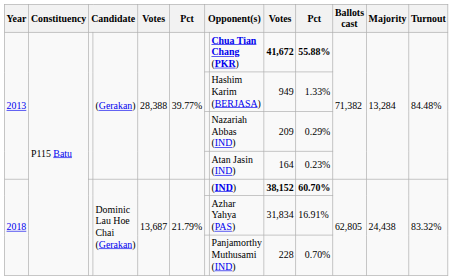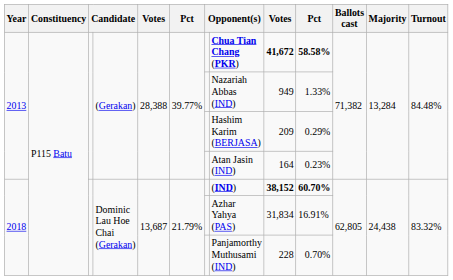 <table class="wikitable" style="margin:0.5em ; font-size:95%">
 <tr>
 <th>Year</th>
 <th>Constituency</th>
 <th colspan="2">Candidate</th>
 <th>Votes</th>
 <th>Pct</th>
 <th colspan="2">Opponent(s)</th>
 <th>Votes</th>
 <th>Pct</th>
 <th>Ballots cast</th>
 <th>Majority</th>
 <th>Turnout</th>
 </tr>
 <tr>
 <td rowspan="4"><a href='#'>2013</a></td>
 <td rowspan=7>P115 <a href='#'>Batu</a></td>
 <td rowspan="4" ></td>
 <td rowspan="4"> (<a href='#'>Gerakan</a>)</td>
 <td rowspan="4" align=right>28,388</td>
 <td rowspan="4">39.77%</td>
 <td></td>
 <td><strong><a href='#'>Chua Tian Chang</a></strong> (<a href='#'><strong>PKR</strong></a>)</td>
 <td align=right><strong>41,672</strong></td>
-<td><strong>55.88%</strong></td>
+<td><strong>58.58%</strong></td>
 <td rowspan="4">71,382</td>
 <td rowspan="4">13,284</td>
 <td rowspan="4">84.48%</td>
 </tr>
 <tr>
 <td></td>
-<td>Hashim Karim (<a href='#'>BERJASA</a>)</td>
+<td>Nazariah Abbas (<a href='#'>IND</a>)</td>
 <td align=right>949</td>
 <td align=right>1.33%</td>
 </tr>
 <tr>
 <td></td>
-<td>Nazariah Abbas (<a href='#'>IND</a>)</td>
+<td>Hashim Karim (<a href='#'>BERJASA</a>)</td>
 <td align=right>209</td>
 <td align=right>0.29%</td>
 </tr>
 <tr>
 <td></td>
 <td>Atan Jasin (<a href='#'>IND</a>)</td>
 <td align=right>164</td>
 <td align=right>0.23%</td>
 </tr>
 <tr>
 <td rowspan="3"><a href='#'>2018</a></td>
 <td rowspan="3" ></td>
 <td rowspan="3">Dominic Lau Hoe Chai (<a href='#'>Gerakan</a>)</td>
 <td rowspan="3" align="right">13,687</td>
 <td rowspan="3">21.79%</td>
 <td></td>
 <td> (<a href='#'><strong>IND</strong></a>)</td>
 <td align=right><strong>38,152</strong></td>
 <td><strong>60.70%</strong></td>
 <td rowspan="3">62,805</td>
 <td rowspan="3">24,438</td>
 <td rowspan="3">83.32%</td>
 </tr>
 <tr>
 <td></td>
 <td>Azhar Yahya (<a href='#'>PAS</a>)</td>
 <td align="right">31,834</td>
 <td>16.91%</td>
 </tr>
 <tr>
 <td></td>
 <td>Panjamorthy Muthusami (<a href='#'>IND</a>)</td>
 <td align=right>228</td>
 <td align=right>0.70%</td>
 </tr>
 </table>
